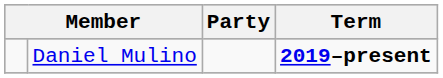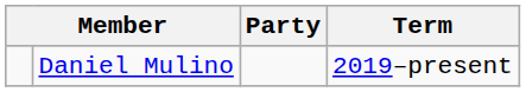 <table class=wikitable style="text-align:center">
 <tr>
 <th colspan=2>Member</th>
 <th>Party</th>
 <th>Term</th>
 </tr>
 <tr>
 <td> </td>
 <td><a href='#'>Daniel Mulino</a></td>
 <td></td>
-<td><strong><a href='#'>2019</a>–present</strong></td>
+<td><a href='#'>2019</a>–present</td>
 </tr>
 </table>
